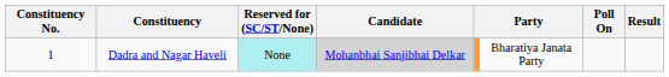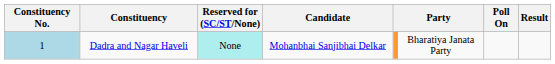 <table class="wikitable sortable" style="text-align:center">
 <tr>
 <th>Constituency No.</th>
 <th style="width:180px;">Constituency</th>
 <th>Reserved for<br>(<a href='#'>SC/ST</a>/None)</th>
 <th style="width:200px;">Candidate</th>
 <th colspan="2">Party</th>
 <th>Poll On</th>
 <th>Result</th>
 </tr>
 <tr>
-<td style="text-align:center;">1</td>
+<td style="background: lightblue; text-align:center;">1</td>
 <td><a href='#'>Dadra and Nagar Haveli</a></td>
 <td style="background: paleturquoise;">None</td>
-<td style="background: lightgrey;"><a href='#'>Mohanbhai Sanjibhai Delkar</a></td>
+<td><a href='#'>Mohanbhai Sanjibhai Delkar</a></td>
 <td bgcolor=#FF9933></td>
 <td>Bharatiya Janata Party</td>
 <td></td>
 <td></td>
 </tr>
 </table>
